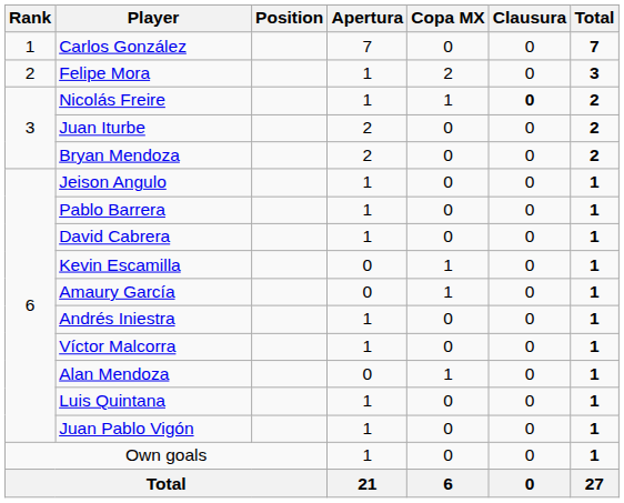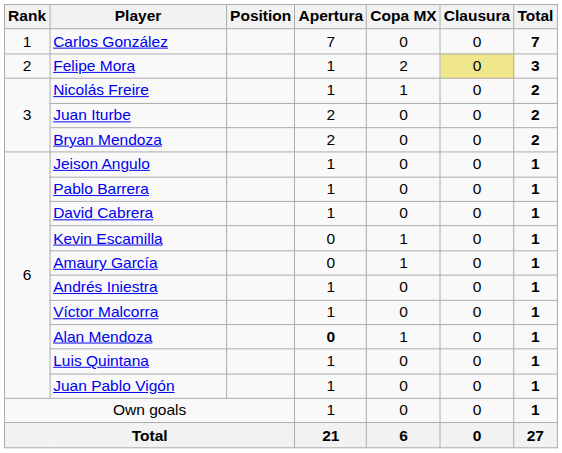 <table class="wikitable">
 <tr>
 <th>Rank</th>
 <th style="width:175px;">Player</th>
 <th>Position</th>
 <th>Apertura</th>
 <th>Copa MX</th>
 <th>Clausura</th>
 <th>Total</th>
 </tr>
 <tr>
 <td align=center>1</td>
 <td> <a href='#'>Carlos González</a></td>
 <td align=center></td>
 <td align=center>7</td>
 <td align=center>0</td>
 <td align=center>0</td>
 <td align=center><strong>7</strong></td>
 </tr>
 <tr>
 <td align=center>2</td>
 <td> <a href='#'>Felipe Mora</a></td>
 <td align=center></td>
 <td align=center>1</td>
 <td align=center>2</td>
-<td align=center>0</td>
+<td align=center style="background: khaki;">0</td>
 <td align=center><strong>3</strong></td>
 </tr>
 <tr>
 <td align=center rowspan=3>3</td>
 <td> <a href='#'>Nicolás Freire</a></td>
 <td align=center></td>
 <td align=center>1</td>
 <td align=center>1</td>
-<td align=center><strong>0</strong></td>
+<td align=center>0</td>
 <td align=center><strong>2</strong></td>
 </tr>
 <tr>
 <td> <a href='#'>Juan Iturbe</a></td>
 <td align=center></td>
 <td align=center>2</td>
 <td align=center>0</td>
 <td align=center>0</td>
 <td align=center><strong>2</strong></td>
 </tr>
 <tr>
 <td> <a href='#'>Bryan Mendoza</a></td>
 <td align=center></td>
 <td align=center>2</td>
 <td align=center>0</td>
 <td align=center>0</td>
 <td align=center><strong>2</strong></td>
 </tr>
 <tr>
 <td align=center rowspan=10>6</td>
 <td> <a href='#'>Jeison Angulo</a></td>
 <td align=center></td>
 <td align=center>1</td>
 <td align=center>0</td>
 <td align=center>0</td>
 <td align=center><strong>1</strong></td>
 </tr>
 <tr>
 <td> <a href='#'>Pablo Barrera</a></td>
 <td align=center></td>
 <td align=center>1</td>
 <td align=center>0</td>
 <td align=center>0</td>
 <td align=center><strong>1</strong></td>
 </tr>
 <tr>
 <td> <a href='#'>David Cabrera</a></td>
 <td align=center></td>
 <td align=center>1</td>
 <td align=center>0</td>
 <td align=center>0</td>
 <td align=center><strong>1</strong></td>
 </tr>
 <tr>
 <td> <a href='#'>Kevin Escamilla</a></td>
 <td align=center></td>
 <td align=center>0</td>
 <td align=center>1</td>
 <td align=center>0</td>
 <td align=center><strong>1</strong></td>
 </tr>
 <tr>
 <td> <a href='#'>Amaury García</a></td>
 <td align=center></td>
 <td align=center>0</td>
 <td align=center>1</td>
 <td align=center>0</td>
 <td align=center><strong>1</strong></td>
 </tr>
 <tr>
 <td> <a href='#'>Andrés Iniestra</a></td>
 <td align=center></td>
 <td align=center>1</td>
 <td align=center>0</td>
 <td align=center>0</td>
 <td align=center><strong>1</strong></td>
 </tr>
 <tr>
 <td> <a href='#'>Víctor Malcorra</a></td>
 <td align=center></td>
 <td align=center>1</td>
 <td align=center>0</td>
 <td align=center>0</td>
 <td align=center><strong>1</strong></td>
 </tr>
 <tr>
 <td> <a href='#'>Alan Mendoza</a></td>
 <td align=center></td>
-<td align=center>0</td>
+<td align=center><strong>0</strong></td>
 <td align=center>1</td>
 <td align=center>0</td>
 <td align=center><strong>1</strong></td>
 </tr>
 <tr>
 <td> <a href='#'>Luis Quintana</a></td>
 <td align=center></td>
 <td align=center>1</td>
 <td align=center>0</td>
 <td align=center>0</td>
 <td align=center><strong>1</strong></td>
 </tr>
 <tr>
 <td> <a href='#'>Juan Pablo Vigón</a></td>
 <td align=center></td>
 <td align=center>1</td>
 <td align=center>0</td>
 <td align=center>0</td>
 <td align=center><strong>1</strong></td>
 </tr>
 <tr>
 <td colspan=3 align=center>Own goals</td>
 <td align=center>1</td>
 <td align=center>0</td>
 <td align=center>0</td>
 <td align=center><strong>1</strong></td>
 </tr>
 <tr>
 <th align=center colspan=3>Total</th>
 <th align=center>21</th>
 <th align=center>6</th>
 <th align=center>0</th>
 <th align=center>27</th>
 </tr>
 </table>
